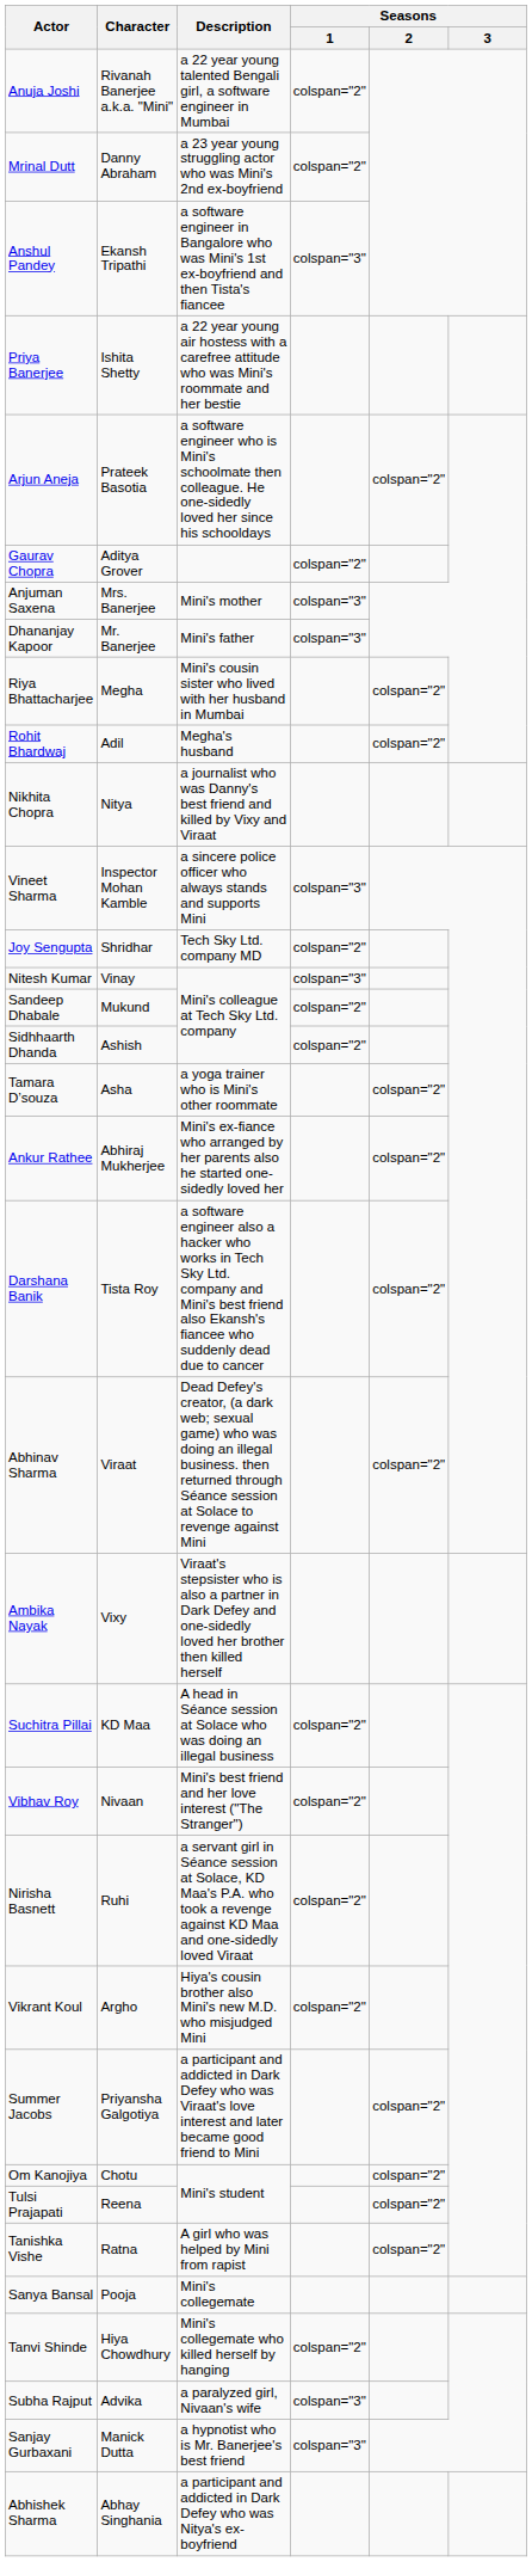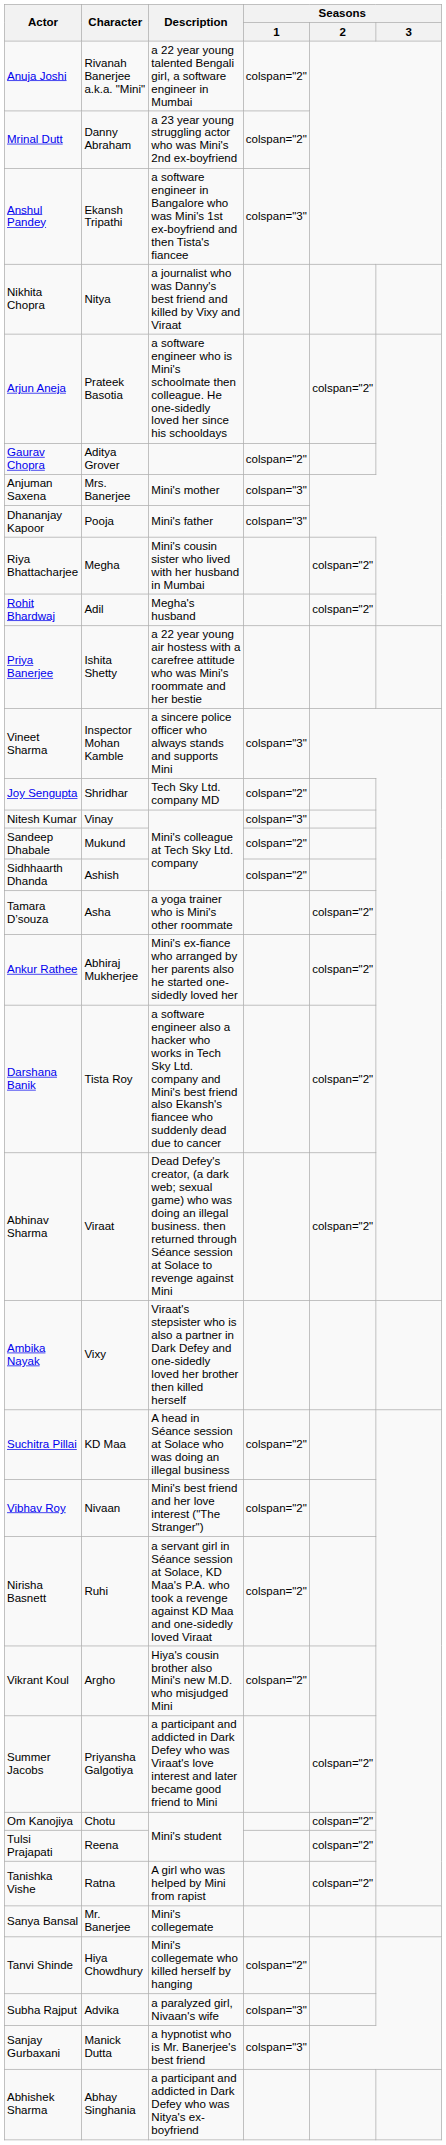 <table class="wikitable">
 <tr>
 <th rowspan="2">Actor</th>
 <th rowspan="2">Character</th>
 <th rowspan="2">Description</th>
 <th colspan="3">Seasons</th>
 </tr>
 <tr>
 <th style="width:15%;">1</th>
 <th style="width:15%;">2</th>
 <th style="width:15%;">3</th>
 </tr>
 <tr>
 <td><a href='#'>Anuja Joshi</a></td>
 <td>Rivanah Banerjee a.k.a. "Mini"</td>
 <td>a 22 year young talented Bengali girl, a software engineer in Mumbai</td>
 <td>colspan="2" </td>
 </tr>
 <tr>
 <td><a href='#'>Mrinal Dutt</a></td>
 <td>Danny Abraham</td>
 <td>a 23 year young struggling actor who was Mini's 2nd ex-boyfriend</td>
 <td>colspan="2" </td>
 </tr>
 <tr>
 <td><a href='#'>Anshul Pandey</a></td>
 <td>Ekansh Tripathi</td>
 <td>a software engineer in Bangalore who was Mini's 1st ex-boyfriend and then Tista's fiancee</td>
 <td>colspan="3" </td>
 </tr>
 <tr>
-<td><a href='#'>Priya Banerjee</a></td>
-<td>Ishita Shetty</td>
-<td>a 22 year young air hostess with a carefree attitude who was Mini's roommate and her bestie</td>
+<td>Nikhita Chopra</td>
+<td>Nitya</td>
+<td>a journalist who was Danny's best friend and killed by Vixy and Viraat</td>
 <td></td>
 <td></td>
 <td></td>
 </tr>
 <tr>
 <td><a href='#'>Arjun Aneja</a></td>
 <td>Prateek Basotia</td>
 <td>a software engineer who is Mini's schoolmate then colleague. He one-sidedly loved her since his schooldays</td>
 <td></td>
 <td>colspan="2" </td>
 </tr>
 <tr>
 <td><a href='#'>Gaurav Chopra</a></td>
 <td>Aditya Grover</td>
 <td></td>
 <td>colspan="2" </td>
 <td></td>
 </tr>
 <tr>
 <td>Anjuman Saxena</td>
 <td>Mrs. Banerjee</td>
 <td>Mini's mother</td>
 <td>colspan="3" </td>
 </tr>
 <tr>
 <td>Dhananjay Kapoor</td>
-<td>Mr. Banerjee</td>
+<td>Pooja</td>
 <td>Mini's father</td>
 <td>colspan="3" </td>
 </tr>
 <tr>
 <td>Riya Bhattacharjee</td>
 <td>Megha</td>
 <td>Mini's cousin sister who lived with her husband in Mumbai</td>
 <td></td>
 <td>colspan="2" </td>
 </tr>
 <tr>
 <td><a href='#'>Rohit Bhardwaj</a></td>
 <td>Adil</td>
 <td>Megha's husband</td>
 <td></td>
 <td>colspan="2" </td>
 </tr>
 <tr>
-<td>Nikhita Chopra</td>
-<td>Nitya</td>
-<td>a journalist who was Danny's best friend and killed by Vixy and Viraat</td>
+<td><a href='#'>Priya Banerjee</a></td>
+<td>Ishita Shetty</td>
+<td>a 22 year young air hostess with a carefree attitude who was Mini's roommate and her bestie</td>
 <td></td>
 <td></td>
 <td></td>
 </tr>
 <tr>
 <td>Vineet Sharma</td>
 <td>Inspector Mohan Kamble</td>
 <td>a sincere police officer who always stands and supports Mini</td>
 <td>colspan="3" </td>
 </tr>
 <tr>
 <td><a href='#'>Joy Sengupta</a></td>
 <td>Shridhar</td>
 <td>Tech Sky Ltd. company MD</td>
 <td>colspan="2" </td>
 <td></td>
 </tr>
 <tr>
 <td>Nitesh Kumar</td>
 <td>Vinay</td>
 <td rowspan="3">Mini's colleague at Tech Sky Ltd. company</td>
 <td>colspan="3" </td>
 <td></td>
 </tr>
 <tr>
 <td>Sandeep Dhabale</td>
 <td>Mukund</td>
 <td>colspan="2" </td>
 <td></td>
 </tr>
 <tr>
 <td>Sidhhaarth Dhanda</td>
 <td>Ashish</td>
 <td>colspan="2" </td>
 <td></td>
 </tr>
 <tr>
 <td>Tamara D’souza</td>
 <td>Asha</td>
 <td>a yoga trainer who is Mini's other roommate</td>
 <td></td>
 <td>colspan="2" </td>
 </tr>
 <tr>
 <td><a href='#'>Ankur Rathee</a></td>
 <td>Abhiraj Mukherjee</td>
 <td>Mini's ex-fiance who arranged by her parents also he started one-sidedly loved her</td>
 <td></td>
 <td>colspan="2" </td>
 </tr>
 <tr>
 <td><a href='#'>Darshana Banik</a></td>
 <td>Tista Roy</td>
 <td>a software engineer also a hacker who works in Tech Sky Ltd. company and Mini's best friend also Ekansh's fiancee who suddenly dead due to cancer</td>
 <td></td>
 <td>colspan="2" </td>
 </tr>
 <tr>
 <td>Abhinav Sharma</td>
 <td>Viraat</td>
 <td>Dead Defey's creator, (a dark web; sexual game) who was doing an illegal business. then returned through Séance session at Solace to revenge against Mini</td>
 <td></td>
 <td>colspan="2" </td>
 </tr>
 <tr>
 <td><a href='#'>Ambika Nayak</a></td>
 <td>Vixy</td>
 <td>Viraat's stepsister who is also a partner in Dark Defey and one-sidedly loved her brother then killed herself</td>
 <td></td>
 <td></td>
 <td></td>
 </tr>
 <tr>
 <td><a href='#'>Suchitra Pillai</a></td>
 <td>KD Maa</td>
 <td>A head in Séance session at Solace who was doing an illegal business</td>
 <td>colspan="2" </td>
 <td></td>
 </tr>
 <tr>
 <td><a href='#'>Vibhav Roy</a></td>
 <td>Nivaan</td>
 <td>Mini's best friend and her love interest ("The Stranger")</td>
 <td>colspan="2" </td>
 <td></td>
 </tr>
 <tr>
 <td>Nirisha Basnett</td>
 <td>Ruhi</td>
 <td>a servant girl in Séance session at Solace, KD Maa's P.A. who took a revenge against KD Maa and one-sidedly loved Viraat</td>
 <td>colspan="2" </td>
 <td></td>
 </tr>
 <tr>
 <td>Vikrant Koul</td>
 <td>Argho</td>
 <td>Hiya's cousin brother also Mini's new M.D. who misjudged Mini</td>
 <td>colspan="2" </td>
 <td></td>
 </tr>
 <tr>
 <td>Summer Jacobs</td>
 <td>Priyansha Galgotiya</td>
 <td>a participant and addicted in Dark Defey who was Viraat's love interest and later became good friend to Mini</td>
 <td></td>
 <td>colspan="2" </td>
 </tr>
 <tr>
 <td>Om Kanojiya</td>
 <td>Chotu</td>
 <td rowspan="2">Mini's student</td>
 <td></td>
 <td>colspan="2" </td>
 </tr>
 <tr>
 <td>Tulsi Prajapati</td>
 <td>Reena</td>
 <td></td>
 <td>colspan="2" </td>
 </tr>
 <tr>
 <td>Tanishka Vishe</td>
 <td>Ratna</td>
 <td>A girl who was helped by Mini from rapist</td>
 <td></td>
 <td>colspan="2" </td>
 </tr>
 <tr>
 <td>Sanya Bansal</td>
-<td>Pooja</td>
+<td>Mr. Banerjee</td>
 <td>Mini's collegemate</td>
 <td></td>
 <td></td>
 <td></td>
 </tr>
 <tr>
 <td>Tanvi Shinde</td>
 <td>Hiya Chowdhury</td>
 <td>Mini's collegemate who killed herself by hanging</td>
 <td>colspan="2" </td>
 <td></td>
 </tr>
 <tr>
 <td>Subha Rajput</td>
 <td>Advika</td>
 <td>a paralyzed girl, Nivaan's wife</td>
 <td>colspan="3" </td>
 <td></td>
 </tr>
 <tr>
 <td>Sanjay Gurbaxani</td>
 <td>Manick Dutta</td>
 <td>a hypnotist who is Mr. Banerjee's best friend</td>
 <td>colspan="3" </td>
 </tr>
 <tr>
 <td>Abhishek Sharma</td>
 <td>Abhay Singhania</td>
 <td>a participant and addicted in Dark Defey who was Nitya's ex-boyfriend</td>
 <td></td>
 <td></td>
 <td></td>
 </tr>
 </table>
